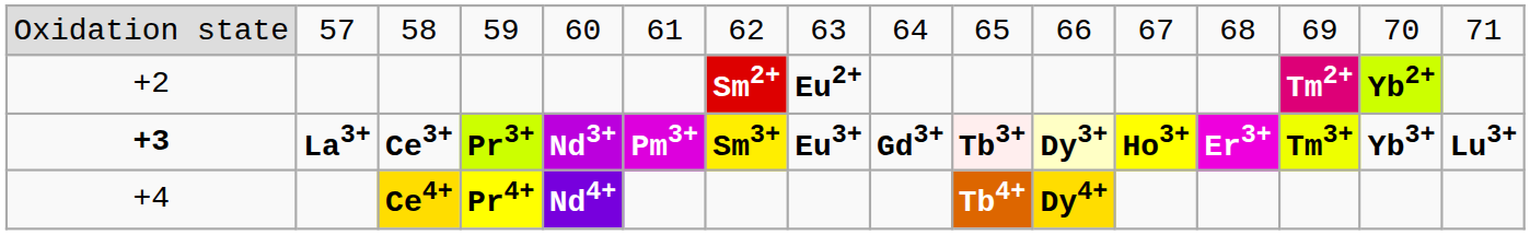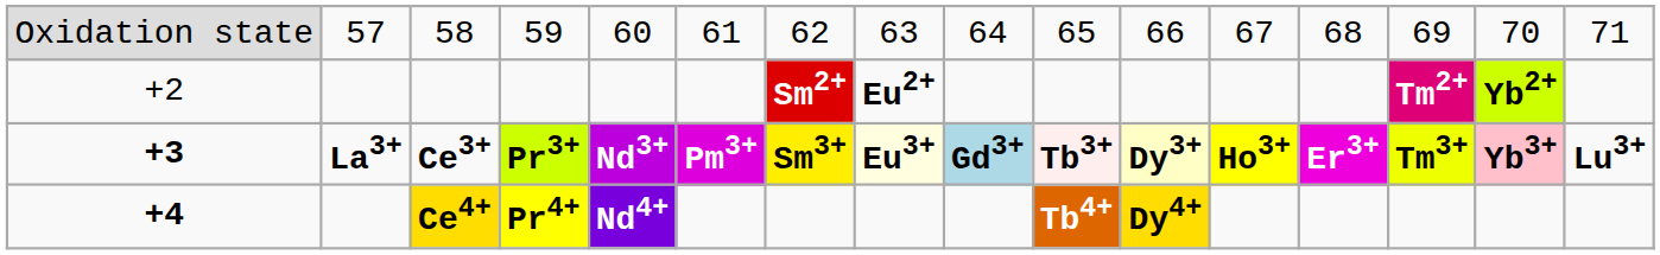 <table class="wikitable collapsible" style="margin:1em auto; text-align:center; color: black;">
 <tr>
 <td style="background:#ddd;">Oxidation state</td>
 <td>57</td>
 <td>58</td>
 <td>59</td>
 <td>60</td>
 <td>61</td>
 <td>62</td>
 <td>63</td>
 <td>64</td>
 <td>65</td>
 <td>66</td>
 <td>67</td>
 <td>68</td>
 <td>69</td>
 <td>70</td>
 <td>71</td>
 </tr>
 <tr>
 <td>+2</td>
 <td></td>
 <td></td>
 <td></td>
 <td></td>
 <td></td>
 <td style="background:#d00; color: white;"><strong>Sm<sup>2+</sup></strong></td>
 <td><strong>Eu<sup>2+</sup></strong></td>
 <td></td>
 <td></td>
 <td></td>
 <td></td>
 <td></td>
 <td style="background:#d07; color: white;"><strong>Tm<sup>2+</sup></strong></td>
 <td style="background:#cf0;"><strong>Yb<sup>2+</sup></strong></td>
 <td></td>
 </tr>
 <tr>
 <td><strong>+3</strong></td>
 <td><strong>La<sup>3+</sup></strong></td>
 <td><strong>Ce<sup>3+</sup></strong></td>
 <td style="background:#cf0;"><strong>Pr<sup>3+</sup></strong></td>
 <td style="background:#b0d; color: white;"><strong>Nd<sup>3+</sup></strong></td>
 <td style="background:#d0d; color: white;"><strong>Pm<sup>3+</sup></strong></td>
 <td style="background:#fe0;"><strong>Sm<sup>3+</sup></strong></td>
-<td><strong>Eu<sup>3+</sup></strong></td>
-<td><strong>Gd<sup>3+</sup></strong></td>
+<td style="background: lightyellow;"><strong>Eu<sup>3+</sup></strong></td>
+<td style="background: lightblue;"><strong>Gd<sup>3+</sup></strong></td>
 <td style="background:#fee;"><strong>Tb<sup>3+</sup></strong></td>
 <td style="background:#FFFFC5;"><strong>Dy<sup>3+</sup></strong></td>
 <td style="background:#ff0;"><strong>Ho<sup>3+</sup></strong></td>
 <td style="background:#e0d; color: white;"><strong>Er<sup>3+</sup></strong></td>
 <td style="background:#ef0;"><strong>Tm<sup>3+</sup></strong></td>
-<td><strong>Yb<sup>3+</sup></strong></td>
+<td style="background: pink;"><strong>Yb<sup>3+</sup></strong></td>
 <td><strong>Lu<sup>3+</sup></strong></td>
 </tr>
 <tr>
-<td>+4</td>
+<td><strong>+4</strong></td>
 <td></td>
 <td style="background:#fd0;"><strong>Ce<sup>4+</sup></strong></td>
 <td style="background:#ff0;"><strong>Pr<sup>4+</sup></strong></td>
 <td style="background:#70d; color: white;"><strong>Nd<sup>4+</sup></strong></td>
 <td></td>
 <td></td>
 <td></td>
 <td></td>
 <td style="background:#d60; color: white;"><strong>Tb<sup>4+</sup></strong></td>
 <td style="background:#fd0;"><strong>Dy<sup>4+</sup></strong></td>
 <td></td>
 <td></td>
 <td></td>
 <td></td>
 <td></td>
 </tr>
 </table>
